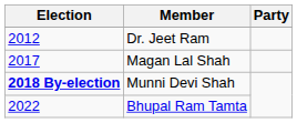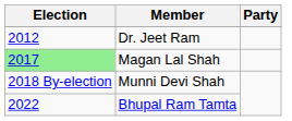 <table class="wikitable sortable">
 <tr>
 <th>Election</th>
 <th>Member</th>
 <th colspan=2>Party</th>
 </tr>
 <tr>
 </tr>
 <tr>
 </tr>
 <tr>
 </tr>
 <tr>
 <td><a href='#'>2012</a></td>
 <td>Dr. Jeet Ram</td>
 <td></td>
 </tr>
 <tr>
-<td><a href='#'>2017</a></td>
+<td style="background: lightgreen;"><a href='#'>2017</a></td>
 <td>Magan Lal Shah</td>
 <td></td>
 </tr>
 <tr>
-<td><strong><a href='#'>2018 By-election</a></strong></td>
+<td><a href='#'>2018 By-election</a></td>
 <td>Munni Devi Shah</td>
 </tr>
 <tr>
 <td><a href='#'>2022</a></td>
 <td><a href='#'>Bhupal Ram Tamta</a></td>
 </tr>
 </table>
